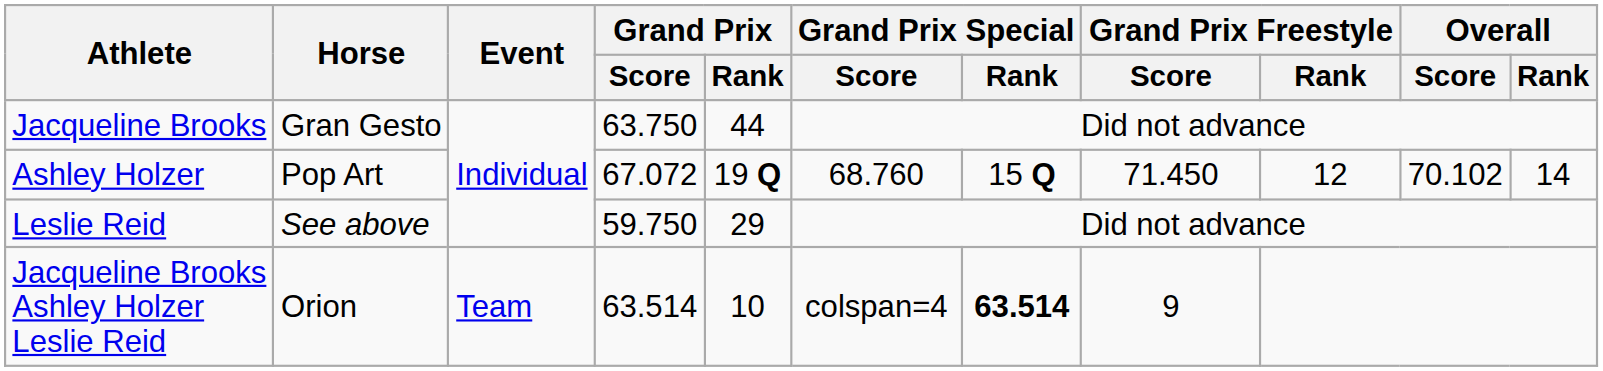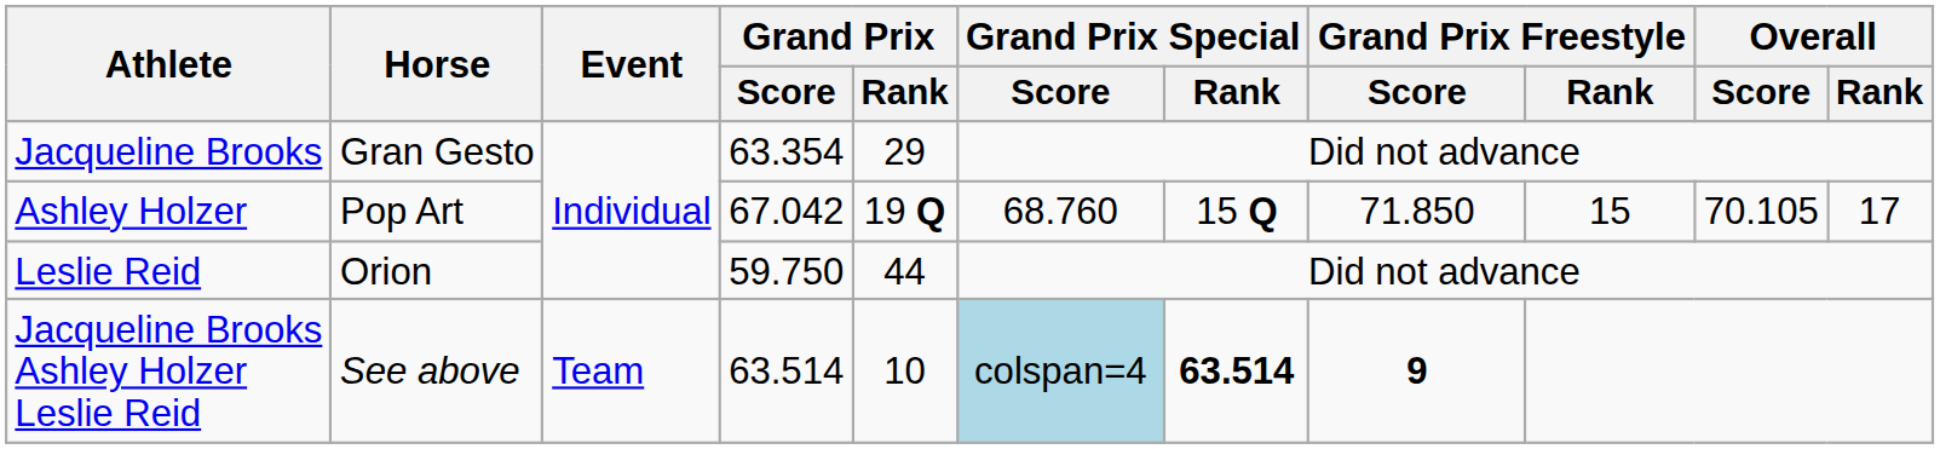 <table class=wikitable style="font-size:90%">
 <tr>
 <th rowspan="2">Athlete</th>
 <th rowspan="2">Horse</th>
 <th rowspan="2">Event</th>
 <th colspan="2">Grand Prix</th>
 <th colspan="2">Grand Prix Special</th>
 <th colspan="2">Grand Prix Freestyle</th>
 <th colspan="2">Overall</th>
 </tr>
 <tr style="font-size:95%">
 <th>Score</th>
 <th>Rank</th>
 <th>Score</th>
 <th>Rank</th>
 <th>Score</th>
 <th>Rank</th>
 <th>Score</th>
 <th>Rank</th>
 </tr>
 <tr align=center>
 <td align=left><a href='#'>Jacqueline Brooks</a></td>
 <td align=left>Gran Gesto</td>
 <td align=left rowspan=3><a href='#'>Individual</a></td>
-<td>63.750</td>
-<td>44</td>
+<td>63.354</td>
+<td>29</td>
 <td colspan=6>Did not advance</td>
 </tr>
 <tr align=center>
 <td align=left><a href='#'>Ashley Holzer</a></td>
 <td align=left>Pop Art</td>
-<td>67.072</td>
+<td>67.042</td>
 <td>19 <strong>Q</strong></td>
 <td>68.760</td>
 <td>15 <strong>Q</strong></td>
-<td>71.450</td>
-<td>12</td>
-<td>70.102</td>
-<td>14</td>
+<td>71.850</td>
+<td>15</td>
+<td>70.105</td>
+<td>17</td>
 </tr>
 <tr align=center>
 <td align=left><a href='#'>Leslie Reid</a></td>
-<td align=left><em>See above</em></td>
+<td align=left>Orion</td>
 <td>59.750</td>
-<td>29</td>
+<td>44</td>
 <td colspan=6>Did not advance</td>
 </tr>
 <tr align=center>
 <td align=left><a href='#'>Jacqueline Brooks</a><br><a href='#'>Ashley Holzer</a><br><a href='#'>Leslie Reid</a></td>
-<td align=left>Orion</td>
+<td align=left><em>See above</em></td>
 <td align=left><a href='#'>Team</a></td>
 <td>63.514</td>
 <td>10</td>
-<td>colspan=4 </td>
+<td style="background: lightblue;">colspan=4 </td>
 <td><strong>63.514</strong></td>
-<td>9</td>
+<td><strong>9</strong></td>
 </tr>
 </table>
